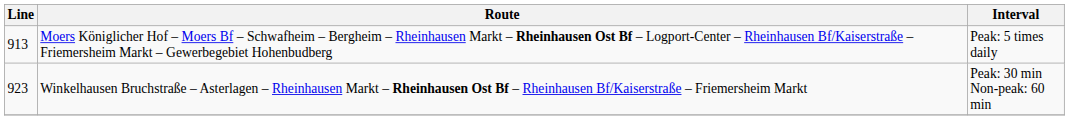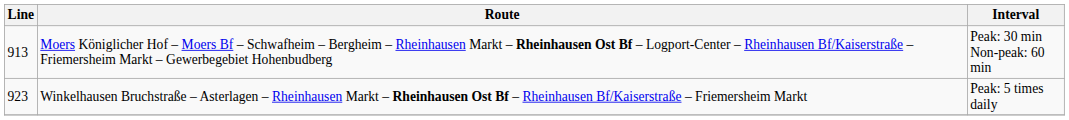 <table class="wikitable">
 <tr>
 <th>Line</th>
 <th>Route</th>
 <th>Interval</th>
 </tr>
 <tr>
 <td>913</td>
 <td><a href='#'>Moers</a> Königlicher Hof – <a href='#'>Moers Bf</a> – Schwafheim – Bergheim – <a href='#'>Rheinhausen</a> Markt – <strong>Rheinhausen Ost Bf</strong> – Logport-Center – <a href='#'>Rheinhausen Bf/Kaiserstraße</a> – Friemersheim Markt – Gewerbegebiet Hohenbudberg</td>
-<td>Peak: 5 times daily</td>
+<td>Peak: 30 min<br>Non-peak: 60 min</td>
 </tr>
 <tr>
 <td>923</td>
 <td>Winkelhausen Bruchstraße – Asterlagen – <a href='#'>Rheinhausen</a> Markt – <strong>Rheinhausen Ost Bf</strong> – <a href='#'>Rheinhausen Bf/Kaiserstraße</a> – Friemersheim Markt</td>
-<td>Peak: 30 min<br>Non-peak: 60 min</td>
+<td>Peak: 5 times daily</td>
 </tr>
 <tr>
 </tr>
 </table>
